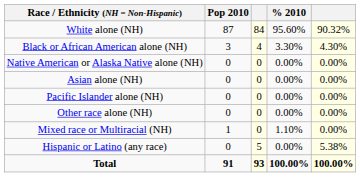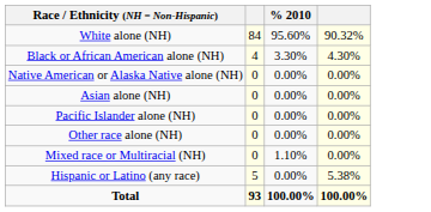 <table class="wikitable" style="text-align:center;">
 <tr>
 <th>Race / Ethnicity <small>(<em>NH = Non-Hispanic</em>)</small></th>
-<th>Pop 2010</th>
 <th></th>
 <th>% 2010</th>
 <th></th>
 </tr>
 <tr>
 <td><a href='#'>White</a> alone (NH)</td>
-<td>87</td>
 <td style='background: #ffffe6;'>84</td>
 <td>95.60%</td>
 <td style='background: #ffffe6;'>90.32%</td>
 </tr>
 <tr>
 <td><a href='#'>Black or African American</a> alone (NH)</td>
-<td>3</td>
 <td style='background: #ffffe6;'>4</td>
 <td>3.30%</td>
 <td style='background: #ffffe6;'>4.30%</td>
 </tr>
 <tr>
 <td><a href='#'>Native American</a> or <a href='#'>Alaska Native</a> alone (NH)</td>
-<td>0</td>
 <td style='background: #ffffe6;'>0</td>
 <td>0.00%</td>
 <td style='background: #ffffe6;'>0.00%</td>
 </tr>
 <tr>
 <td><a href='#'>Asian</a> alone (NH)</td>
-<td>0</td>
 <td style='background: #ffffe6;'>0</td>
 <td>0.00%</td>
 <td style='background: #ffffe6;'>0.00%</td>
 </tr>
 <tr>
 <td><a href='#'>Pacific Islander</a> alone (NH)</td>
-<td>0</td>
 <td style='background: #ffffe6;'>0</td>
 <td>0.00%</td>
 <td style='background: #ffffe6;'>0.00%</td>
 </tr>
 <tr>
 <td><a href='#'>Other race</a> alone (NH)</td>
-<td>0</td>
 <td style='background: #ffffe6;'>0</td>
 <td>0.00%</td>
 <td style='background: #ffffe6;'>0.00%</td>
 </tr>
 <tr>
 <td><a href='#'>Mixed race or Multiracial</a> (NH)</td>
-<td>1</td>
 <td style='background: #ffffe6;'>0</td>
 <td>1.10%</td>
 <td style='background: #ffffe6;'>0.00%</td>
 </tr>
 <tr>
 <td><a href='#'>Hispanic or Latino</a> (any race)</td>
-<td>0</td>
 <td style='background: #ffffe6;'>5</td>
 <td>0.00%</td>
 <td style='background: #ffffe6;'>5.38%</td>
 </tr>
 <tr>
 <td><strong>Total</strong></td>
-<td><strong>91</strong></td>
 <td style='background: #ffffe6;'><strong>93</strong></td>
 <td><strong>100.00%</strong></td>
 <td style='background: #ffffe6;'><strong>100.00%</strong></td>
 </tr>
 </table>
